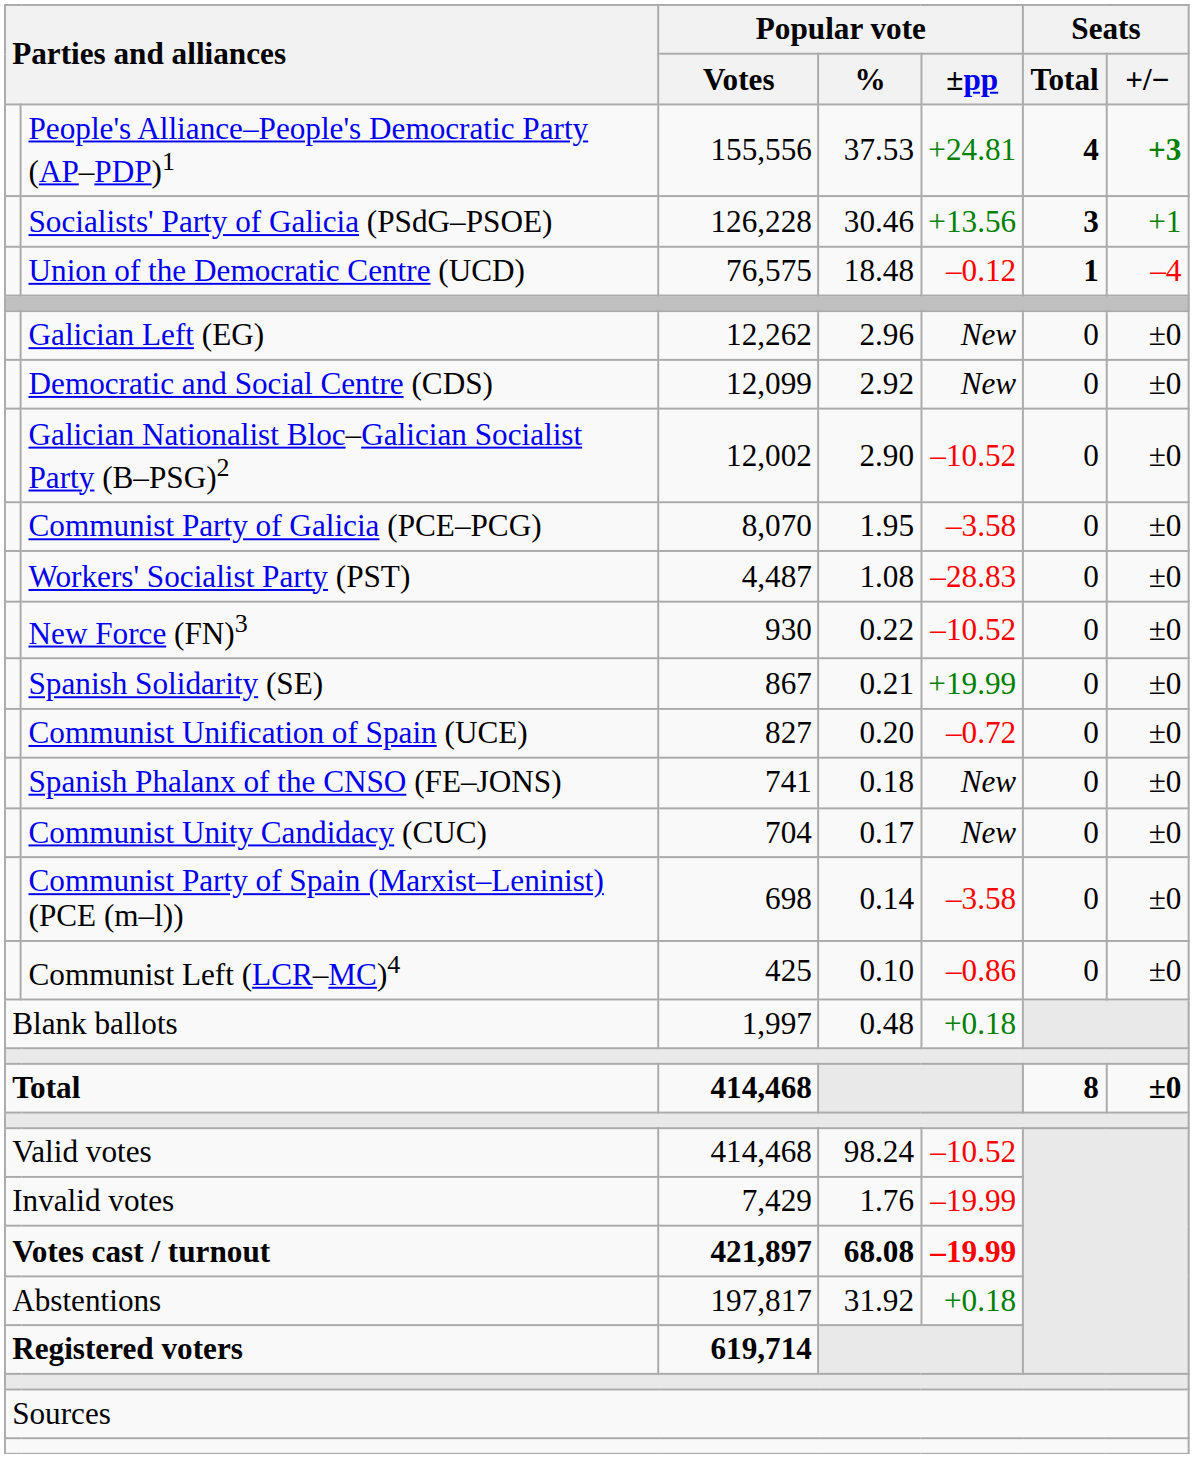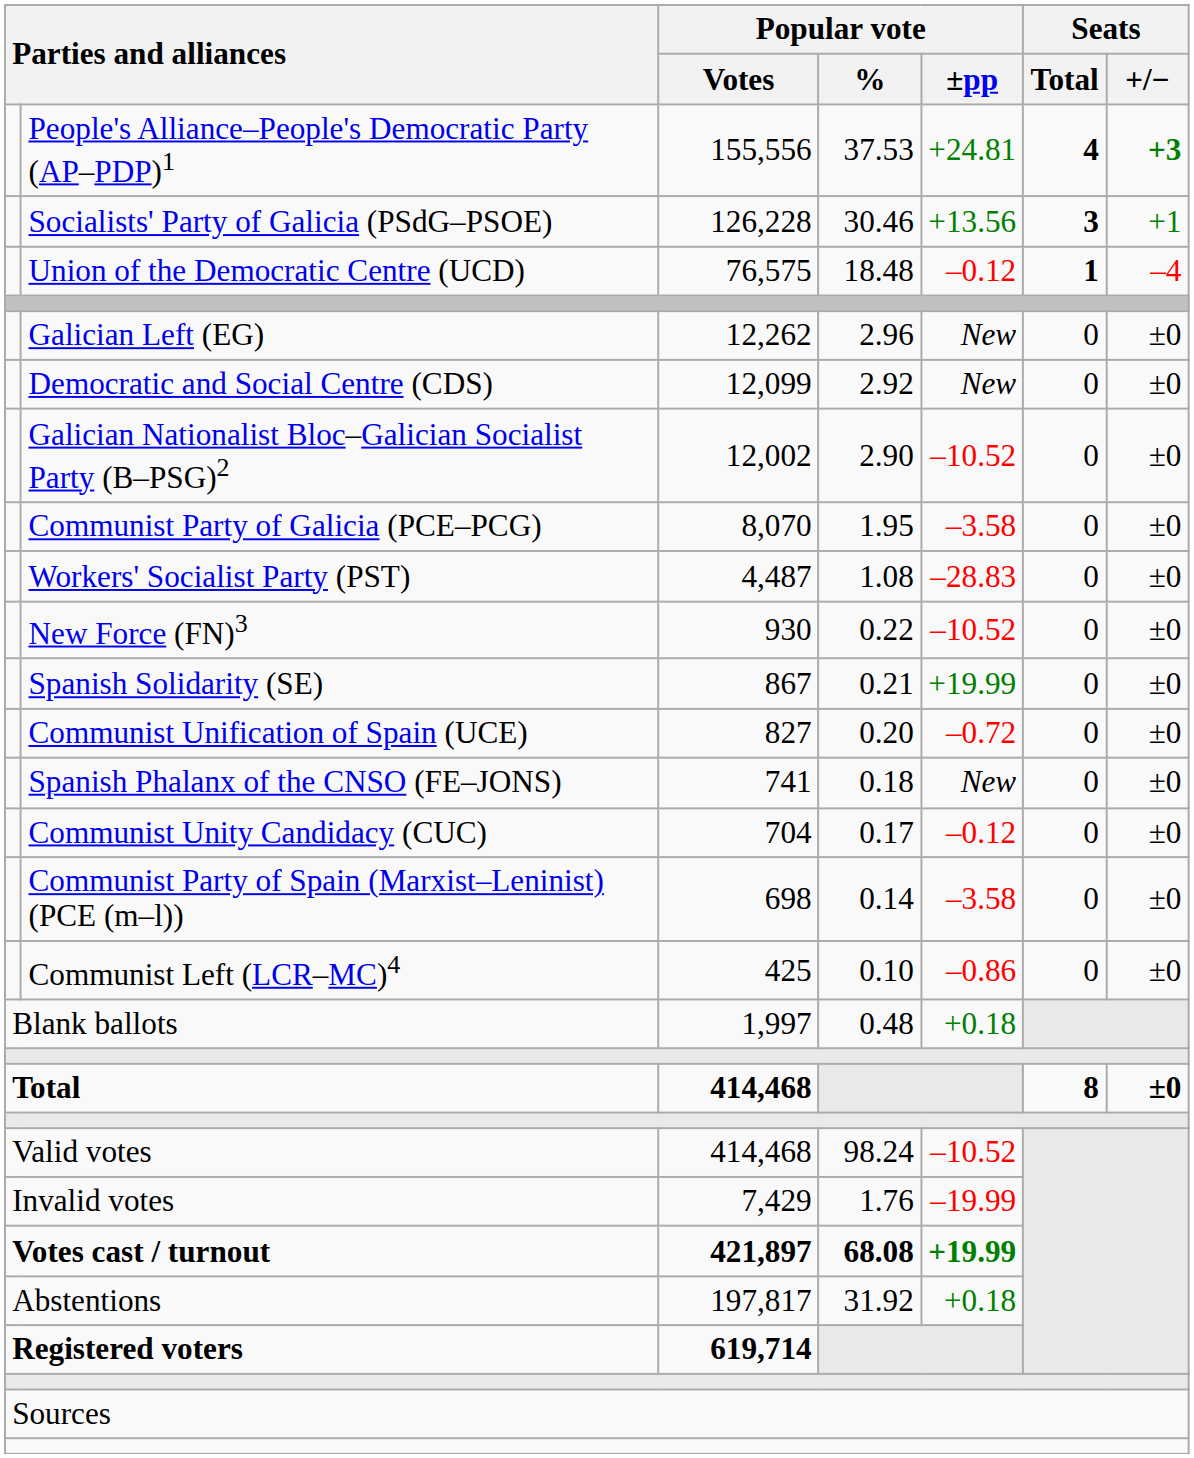 <table class="wikitable" style="text-align:right;">
 <tr>
 <th style="text-align:left;" rowspan="2" colspan="2" width="525">Parties and alliances</th>
 <th colspan="3">Popular vote</th>
 <th colspan="2">Seats</th>
 </tr>
 <tr>
 <th width="75">Votes</th>
 <th width="45">%</th>
 <th width="45">±<a href='#'>pp</a></th>
 <th width="35">Total</th>
 <th width="35">+/−</th>
 </tr>
 <tr>
 <td width="1" style="color:inherit;background:"></td>
 <td align="left"><a href='#'>People's Alliance–People's Democratic Party</a> (<a href='#'>AP</a>–<a href='#'>PDP</a>)<sup>1</sup></td>
 <td>155,556</td>
 <td>37.53</td>
 <td style="color:green;">+24.81</td>
 <td><strong>4</strong></td>
 <td style="color:green;"><strong>+3</strong></td>
 </tr>
 <tr>
 <td style="color:inherit;background:"></td>
 <td align="left"><a href='#'>Socialists' Party of Galicia</a> (PSdG–PSOE)</td>
 <td>126,228</td>
 <td>30.46</td>
 <td style="color:green;">+13.56</td>
 <td><strong>3</strong></td>
 <td style="color:green;">+1</td>
 </tr>
 <tr>
 <td style="color:inherit;background:"></td>
 <td align="left"><a href='#'>Union of the Democratic Centre</a> (UCD)</td>
 <td>76,575</td>
 <td>18.48</td>
 <td style="color:red;">–0.12</td>
 <td><strong>1</strong></td>
 <td style="color:red;">–4</td>
 </tr>
 <tr>
 <td colspan="7" bgcolor="#C0C0C0"></td>
 </tr>
 <tr>
 <td style="color:inherit;background:"></td>
 <td align="left"><a href='#'>Galician Left</a> (EG)</td>
 <td>12,262</td>
 <td>2.96</td>
 <td><em>New</em></td>
 <td>0</td>
 <td>±0</td>
 </tr>
 <tr>
 <td style="color:inherit;background:"></td>
 <td align="left"><a href='#'>Democratic and Social Centre</a> (CDS)</td>
 <td>12,099</td>
 <td>2.92</td>
 <td><em>New</em></td>
 <td>0</td>
 <td>±0</td>
 </tr>
 <tr>
 <td style="color:inherit;background:"></td>
 <td align="left"><a href='#'>Galician Nationalist Bloc</a>–<a href='#'>Galician Socialist Party</a> (B–PSG)<sup>2</sup></td>
 <td>12,002</td>
 <td>2.90</td>
 <td style="color:red;">–10.52</td>
 <td>0</td>
 <td>±0</td>
 </tr>
 <tr>
 <td style="color:inherit;background:"></td>
 <td align="left"><a href='#'>Communist Party of Galicia</a> (PCE–PCG)</td>
 <td>8,070</td>
 <td>1.95</td>
 <td style="color:red;">–3.58</td>
 <td>0</td>
 <td>±0</td>
 </tr>
 <tr>
 <td style="color:inherit;background:"></td>
 <td align="left"><a href='#'>Workers' Socialist Party</a> (PST)</td>
 <td>4,487</td>
 <td>1.08</td>
 <td style="color:red;">–28.83</td>
 <td>0</td>
 <td>±0</td>
 </tr>
 <tr>
 <td style="color:inherit;background:"></td>
 <td align="left"><a href='#'>New Force</a> (FN)<sup>3</sup></td>
 <td>930</td>
 <td>0.22</td>
 <td style="color:red;">–10.52</td>
 <td>0</td>
 <td>±0</td>
 </tr>
 <tr>
 <td style="color:inherit;background:"></td>
 <td align="left"><a href='#'>Spanish Solidarity</a> (SE)</td>
 <td>867</td>
 <td>0.21</td>
 <td style="color:green;">+19.99</td>
 <td>0</td>
 <td>±0</td>
 </tr>
 <tr>
 <td style="color:inherit;background:"></td>
 <td align="left"><a href='#'>Communist Unification of Spain</a> (UCE)</td>
 <td>827</td>
 <td>0.20</td>
 <td style="color:red;">–0.72</td>
 <td>0</td>
 <td>±0</td>
 </tr>
 <tr>
 <td style="color:inherit;background:"></td>
 <td align="left"><a href='#'>Spanish Phalanx of the CNSO</a> (FE–JONS)</td>
 <td>741</td>
 <td>0.18</td>
 <td><em>New</em></td>
 <td>0</td>
 <td>±0</td>
 </tr>
 <tr>
 <td style="color:inherit;background:"></td>
 <td align="left"><a href='#'>Communist Unity Candidacy</a> (CUC)</td>
 <td>704</td>
 <td>0.17</td>
-<td><em>New</em></td>
+<td style="color:red;">–0.12</td>
 <td>0</td>
 <td>±0</td>
 </tr>
 <tr>
 <td style="color:inherit;background:"></td>
 <td align="left"><a href='#'>Communist Party of Spain (Marxist–Leninist)</a> (PCE (m–l))</td>
 <td>698</td>
 <td>0.14</td>
 <td style="color:red;">–3.58</td>
 <td>0</td>
 <td>±0</td>
 </tr>
 <tr>
 <td style="color:inherit;background:"></td>
 <td align="left">Communist Left (<a href='#'>LCR</a>–<a href='#'>MC</a>)<sup>4</sup></td>
 <td>425</td>
 <td>0.10</td>
 <td style="color:red;">–0.86</td>
 <td>0</td>
 <td>±0</td>
 </tr>
 <tr>
 <td align="left" colspan="2">Blank ballots</td>
 <td>1,997</td>
 <td>0.48</td>
 <td style="color:green;">+0.18</td>
 <td bgcolor="#E9E9E9" colspan="2"></td>
 </tr>
 <tr>
 <td colspan="7" bgcolor="#E9E9E9"></td>
 </tr>
 <tr style="font-weight:bold;">
 <td align="left" colspan="2">Total</td>
 <td>414,468</td>
 <td bgcolor="#E9E9E9" colspan="2"></td>
 <td>8</td>
 <td>±0</td>
 </tr>
 <tr>
 <td colspan="7" bgcolor="#E9E9E9"></td>
 </tr>
 <tr>
 <td align="left" colspan="2">Valid votes</td>
 <td>414,468</td>
 <td>98.24</td>
 <td style="color:red;">–10.52</td>
 <td bgcolor="#E9E9E9" colspan="2" rowspan="5"></td>
 </tr>
 <tr>
 <td align="left" colspan="2">Invalid votes</td>
 <td>7,429</td>
 <td>1.76</td>
 <td style="color:red;">–19.99</td>
 </tr>
 <tr style="font-weight:bold;">
 <td align="left" colspan="2">Votes cast / turnout</td>
 <td>421,897</td>
 <td>68.08</td>
-<td style="color:red;">–19.99</td>
+<td style="color:green;">+19.99</td>
 </tr>
 <tr>
 <td align="left" colspan="2">Abstentions</td>
 <td>197,817</td>
 <td>31.92</td>
 <td style="color:green;">+0.18</td>
 </tr>
 <tr style="font-weight:bold;">
 <td align="left" colspan="2">Registered voters</td>
 <td>619,714</td>
 <td bgcolor="#E9E9E9" colspan="2"></td>
 </tr>
 <tr>
 <td colspan="7" bgcolor="#E9E9E9"></td>
 </tr>
 <tr>
 <td align="left" colspan="7">Sources</td>
 </tr>
 <tr>
 <td colspan="7" style="text-align:left; max-width:790px;"></td>
 </tr>
 </table>
